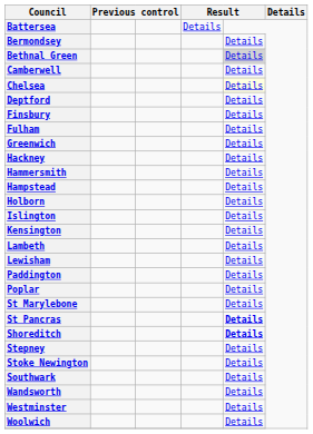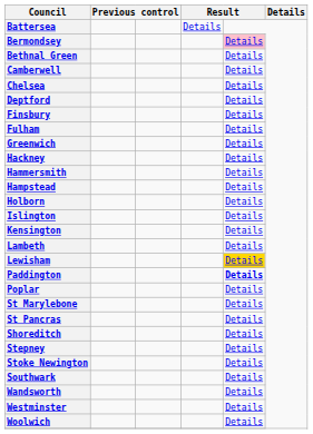 <table class="wikitable sortable" border="1">
 <tr>
 <th scope="col">Council</th>
 <th colspan=2>Previous control</th>
 <th colspan=2>Result</th>
 <th class="unsortable" scope="col">Details</th>
 </tr>
 <tr>
 <th scope="row" style="text-align: left;"><a href='#'>Battersea</a></th>
 <td></td>
 <td></td>
 <td><a href='#'>Details</a></td>
 </tr>
 <tr>
 <th scope="row" style="text-align: left;"><a href='#'>Bermondsey</a></th>
 <td></td>
 <td></td>
 <td></td>
-<td><a href='#'>Details</a></td>
+<td style="background: pink;"><a href='#'>Details</a></td>
 </tr>
 <tr>
 <th scope="row" style="text-align: left;"><a href='#'>Bethnal Green</a></th>
 <td></td>
 <td></td>
 <td></td>
-<td style="background: lightgrey;"><a href='#'>Details</a></td>
+<td><a href='#'>Details</a></td>
 </tr>
 <tr>
 <th scope="row" style="text-align: left;"><a href='#'>Camberwell</a></th>
 <td></td>
 <td></td>
 <td></td>
 <td><a href='#'>Details</a></td>
 </tr>
 <tr>
 <th scope="row" style="text-align: left;"><a href='#'>Chelsea</a></th>
 <td></td>
 <td></td>
 <td></td>
-<td style="background: lightyellow;"><a href='#'>Details</a></td>
+<td><a href='#'>Details</a></td>
 </tr>
 <tr>
 <th scope="row" style="text-align: left;"><a href='#'>Deptford</a></th>
 <td></td>
 <td></td>
 <td></td>
 <td><a href='#'>Details</a></td>
 </tr>
 <tr>
 <th scope="row" style="text-align: left;"><a href='#'>Finsbury</a></th>
 <td></td>
 <td></td>
 <td></td>
 <td><a href='#'>Details</a></td>
 </tr>
 <tr>
 <th scope="row" style="text-align: left;"><a href='#'>Fulham</a></th>
 <td></td>
 <td></td>
 <td></td>
 <td><a href='#'>Details</a></td>
 </tr>
 <tr>
 <th scope="row" style="text-align: left;"><a href='#'>Greenwich</a></th>
 <td></td>
 <td></td>
 <td></td>
 <td><a href='#'>Details</a></td>
 </tr>
 <tr>
 <th scope="row" style="text-align: left;"><a href='#'>Hackney</a></th>
 <td></td>
 <td></td>
 <td></td>
 <td><a href='#'>Details</a></td>
 </tr>
 <tr>
 <th scope="row" style="text-align: left;"><a href='#'>Hammersmith</a></th>
 <td></td>
 <td></td>
 <td></td>
 <td><a href='#'>Details</a></td>
 </tr>
 <tr>
 <th scope="row" style="text-align: left;"><a href='#'>Hampstead</a></th>
 <td></td>
 <td></td>
 <td></td>
 <td><a href='#'>Details</a></td>
 </tr>
 <tr>
 <th scope="row" style="text-align: left;"><a href='#'>Holborn</a></th>
 <td></td>
 <td></td>
 <td></td>
 <td><a href='#'>Details</a></td>
 </tr>
 <tr>
 <th scope="row" style="text-align: left;"><a href='#'>Islington</a></th>
 <td></td>
 <td></td>
 <td></td>
 <td><a href='#'>Details</a></td>
 </tr>
 <tr>
 <th scope="row" style="text-align: left;"><a href='#'>Kensington</a></th>
 <td></td>
 <td></td>
 <td></td>
 <td><a href='#'>Details</a></td>
 </tr>
 <tr>
 <th scope="row" style="text-align: left;"><a href='#'>Lambeth</a></th>
 <td></td>
 <td></td>
 <td></td>
 <td><a href='#'>Details</a></td>
 </tr>
 <tr>
 <th scope="row" style="text-align: left;"><a href='#'>Lewisham</a></th>
 <td></td>
 <td></td>
 <td></td>
-<td><a href='#'>Details</a></td>
+<td style="background: gold;"><a href='#'>Details</a></td>
 </tr>
 <tr>
 <th scope="row" style="text-align: left;"><a href='#'>Paddington</a></th>
 <td></td>
 <td></td>
 <td></td>
-<td><a href='#'>Details</a></td>
+<td><strong><a href='#'>Details</a></strong></td>
 </tr>
 <tr>
 <th scope="row" style="text-align: left;"><a href='#'>Poplar</a></th>
 <td></td>
 <td></td>
 <td></td>
 <td><a href='#'>Details</a></td>
 </tr>
 <tr>
 <th scope="row" style="text-align: left;"><a href='#'>St Marylebone</a></th>
 <td></td>
 <td></td>
 <td></td>
 <td><a href='#'>Details</a></td>
 </tr>
 <tr>
 <th scope="row" style="text-align: left;"><a href='#'>St Pancras</a></th>
 <td></td>
 <td></td>
 <td></td>
-<td><strong><a href='#'>Details</a></strong></td>
+<td><a href='#'>Details</a></td>
 </tr>
 <tr>
 <th scope="row" style="text-align: left;"><a href='#'>Shoreditch</a></th>
 <td></td>
 <td></td>
 <td></td>
-<td><strong><a href='#'>Details</a></strong></td>
+<td><a href='#'>Details</a></td>
 </tr>
 <tr>
 <th scope="row" style="text-align: left;"><a href='#'>Stepney</a></th>
 <td></td>
 <td></td>
 <td></td>
 <td><a href='#'>Details</a></td>
 </tr>
 <tr>
 <th scope="row" style="text-align: left;"><a href='#'>Stoke Newington</a></th>
 <td></td>
 <td></td>
 <td></td>
 <td><a href='#'>Details</a></td>
 </tr>
 <tr>
 <th scope="row" style="text-align: left;"><a href='#'>Southwark</a></th>
 <td></td>
 <td></td>
 <td></td>
 <td><a href='#'>Details</a></td>
 </tr>
 <tr>
 <th scope="row" style="text-align: left;"><a href='#'>Wandsworth</a></th>
 <td></td>
 <td></td>
 <td></td>
 <td><a href='#'>Details</a></td>
 </tr>
 <tr>
 <th scope="row" style="text-align: left;"><a href='#'>Westminster</a></th>
 <td></td>
 <td></td>
 <td></td>
 <td><a href='#'>Details</a></td>
 </tr>
 <tr>
 <th scope="row" style="text-align: left;"><a href='#'>Woolwich</a></th>
 <td></td>
 <td></td>
 <td></td>
 <td><a href='#'>Details</a></td>
 </tr>
 <tr>
 </tr>
 </table>
